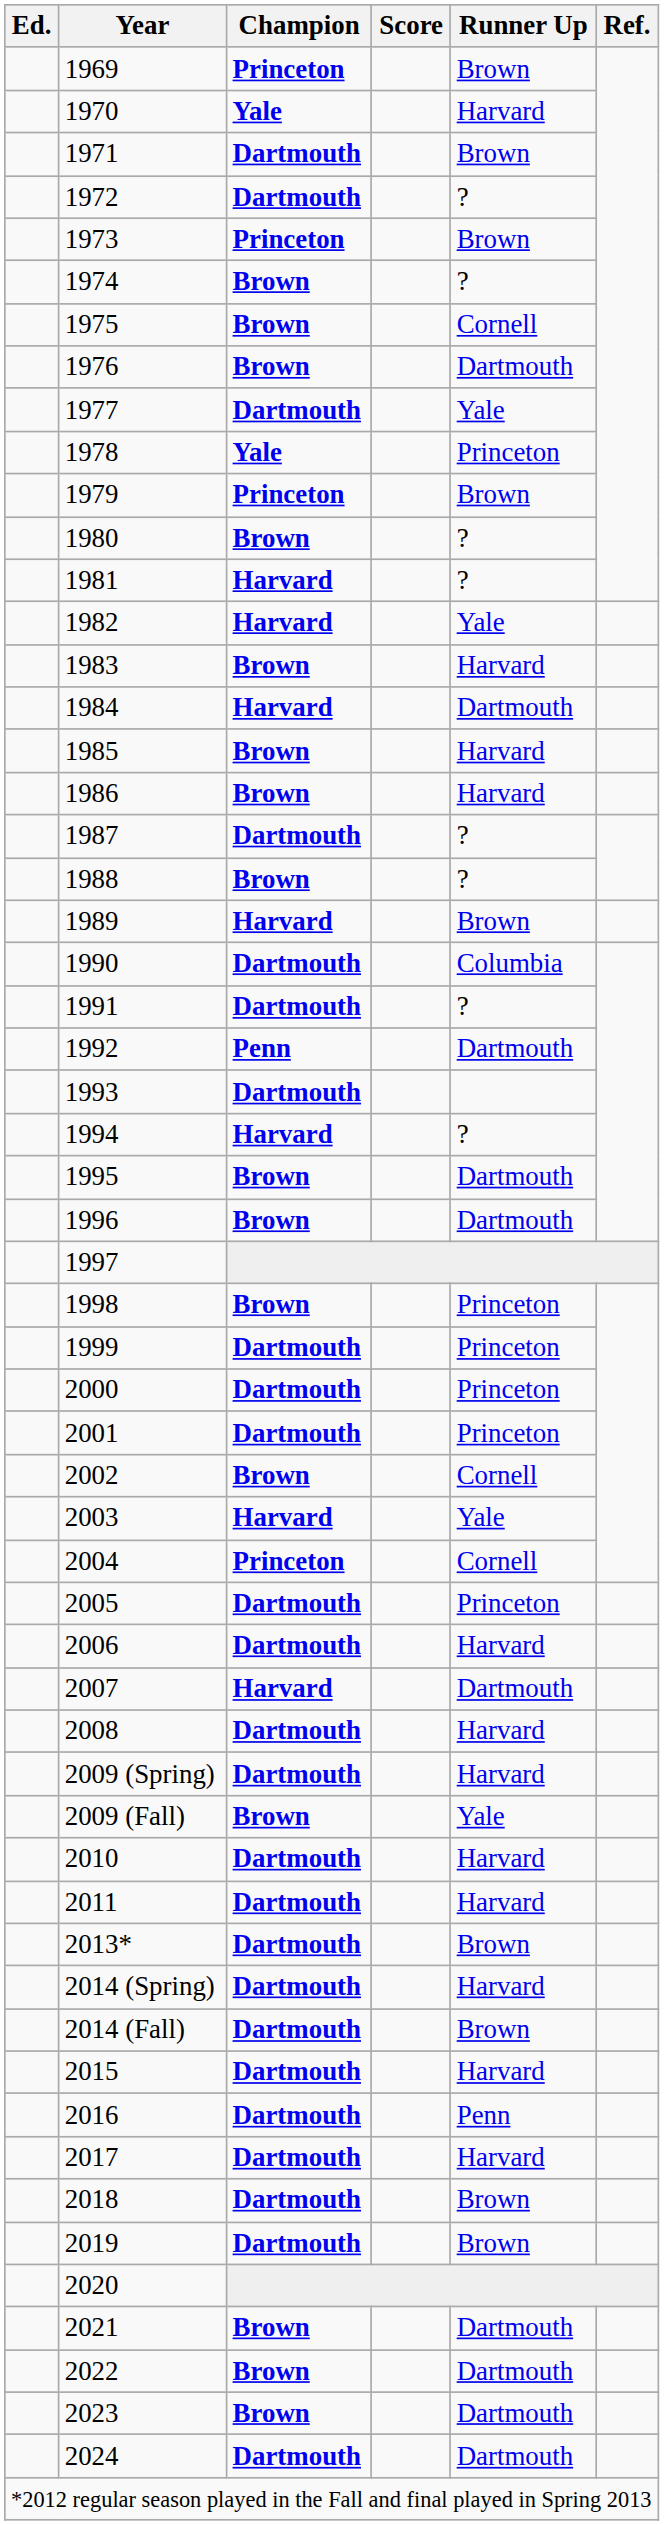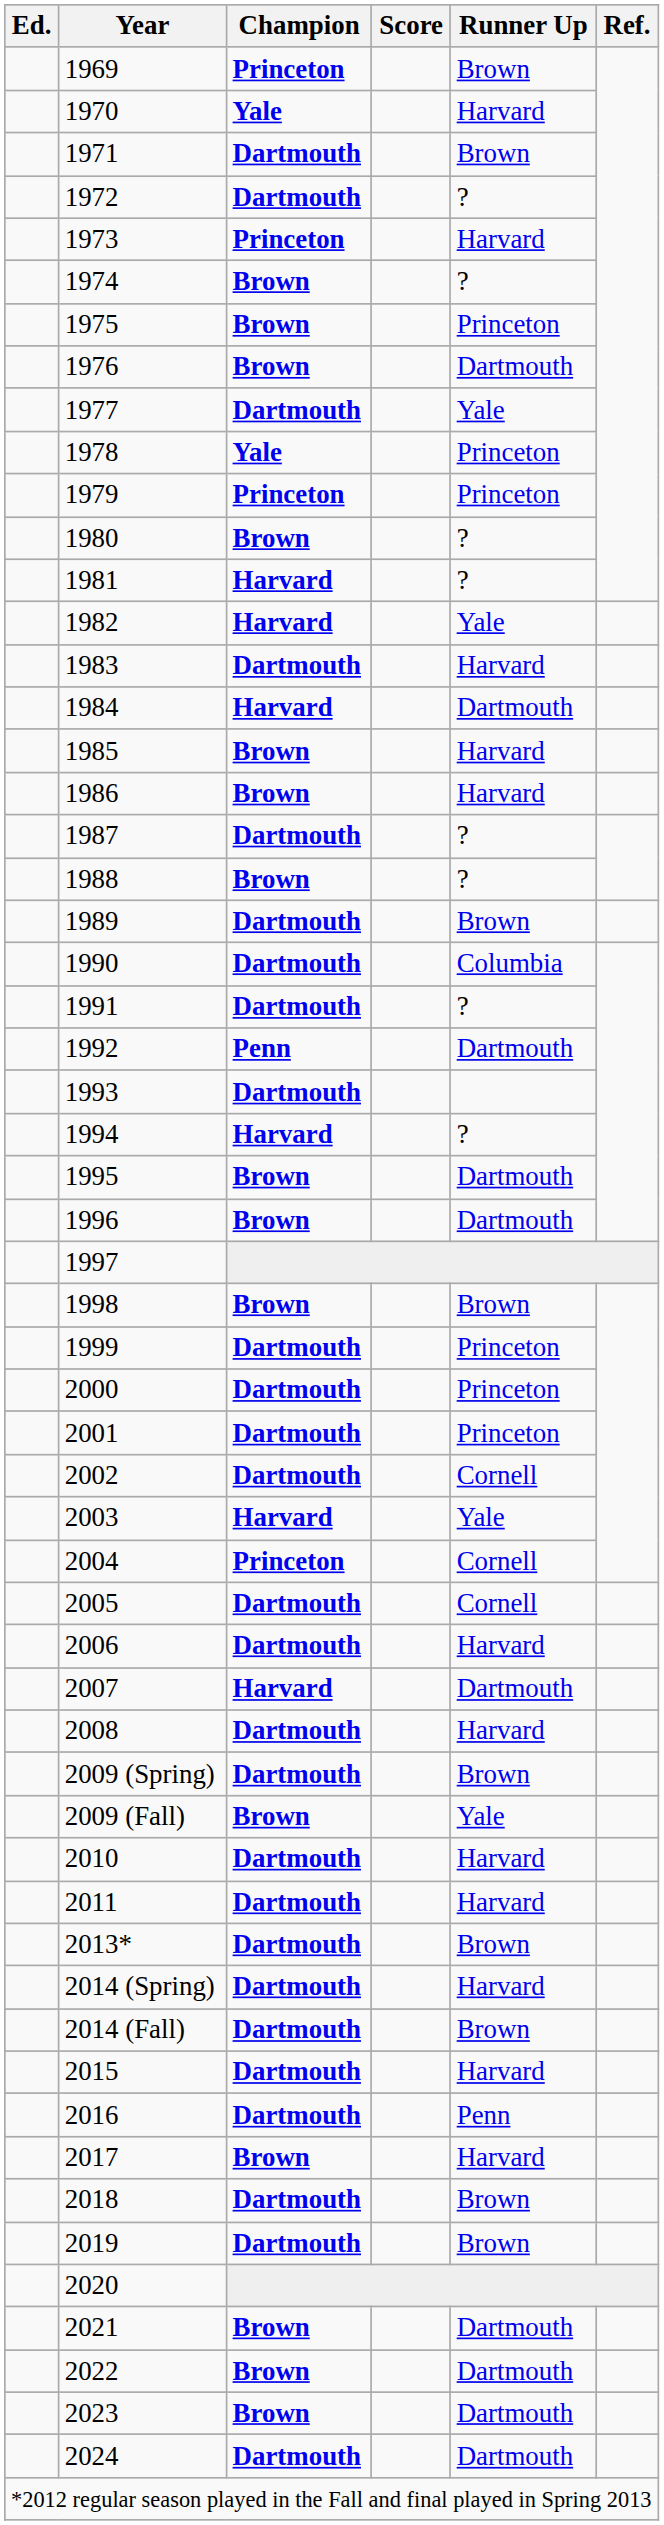 <table class= "wikitable sortable">
 <tr>
 <th>Ed.</th>
 <th>Year</th>
 <th>Champion</th>
 <th>Score</th>
 <th>Runner Up</th>
 <th>Ref.</th>
 </tr>
 <tr>
 <td></td>
 <td>1969</td>
 <td><strong><a href='#'>Princeton</a></strong> </td>
 <td></td>
 <td><a href='#'>Brown</a></td>
 </tr>
 <tr>
 <td></td>
 <td>1970</td>
 <td><strong><a href='#'>Yale</a></strong> </td>
 <td></td>
 <td><a href='#'>Harvard</a></td>
 </tr>
 <tr>
 <td></td>
 <td>1971</td>
 <td><strong><a href='#'>Dartmouth</a></strong> </td>
 <td></td>
 <td><a href='#'>Brown</a></td>
 </tr>
 <tr>
 <td></td>
 <td>1972</td>
 <td><strong><a href='#'>Dartmouth</a></strong> </td>
 <td></td>
 <td>?</td>
 </tr>
 <tr>
 <td></td>
 <td>1973</td>
 <td><strong><a href='#'>Princeton</a></strong> </td>
 <td></td>
-<td><a href='#'>Brown</a></td>
+<td><a href='#'>Harvard</a></td>
 </tr>
 <tr>
 <td></td>
 <td>1974</td>
 <td><strong><a href='#'>Brown</a></strong> </td>
 <td></td>
 <td>?</td>
 </tr>
 <tr>
 <td></td>
 <td>1975</td>
 <td><strong><a href='#'>Brown</a></strong> </td>
 <td></td>
-<td><a href='#'>Cornell</a></td>
+<td><a href='#'>Princeton</a></td>
 </tr>
 <tr>
 <td></td>
 <td>1976</td>
 <td><strong><a href='#'>Brown</a></strong> </td>
 <td></td>
 <td><a href='#'>Dartmouth</a></td>
 </tr>
 <tr>
 <td></td>
 <td>1977</td>
 <td><strong><a href='#'>Dartmouth</a></strong> </td>
 <td></td>
 <td><a href='#'>Yale</a></td>
 </tr>
 <tr>
 <td></td>
 <td>1978</td>
 <td><strong><a href='#'>Yale</a></strong> </td>
 <td></td>
 <td><a href='#'>Princeton</a></td>
 </tr>
 <tr>
 <td></td>
 <td>1979</td>
 <td><strong><a href='#'>Princeton</a></strong> </td>
 <td></td>
-<td><a href='#'>Brown</a></td>
+<td><a href='#'>Princeton</a></td>
 </tr>
 <tr>
 <td></td>
 <td>1980</td>
 <td><strong><a href='#'>Brown</a></strong> </td>
 <td></td>
 <td>?</td>
 </tr>
 <tr>
 <td></td>
 <td>1981</td>
 <td><strong><a href='#'>Harvard</a></strong> </td>
 <td></td>
 <td>?</td>
 </tr>
 <tr>
 <td></td>
 <td>1982</td>
 <td><strong><a href='#'>Harvard</a></strong> </td>
 <td></td>
 <td><a href='#'>Yale</a></td>
 <td></td>
 </tr>
 <tr>
 <td></td>
 <td>1983</td>
-<td><strong><a href='#'>Brown</a></strong> </td>
+<td><strong><a href='#'>Dartmouth</a></strong> </td>
 <td></td>
 <td><a href='#'>Harvard</a></td>
 <td></td>
 </tr>
 <tr>
 <td></td>
 <td>1984</td>
 <td><strong><a href='#'>Harvard</a></strong> </td>
 <td></td>
 <td><a href='#'>Dartmouth</a></td>
 <td></td>
 </tr>
 <tr>
 <td></td>
 <td>1985</td>
 <td><strong><a href='#'>Brown</a></strong> </td>
 <td></td>
 <td><a href='#'>Harvard</a></td>
 <td></td>
 </tr>
 <tr>
 <td></td>
 <td>1986</td>
 <td><strong><a href='#'>Brown</a></strong> </td>
 <td></td>
 <td><a href='#'>Harvard</a></td>
 <td></td>
 </tr>
 <tr>
 <td></td>
 <td>1987</td>
 <td><strong><a href='#'>Dartmouth</a></strong> </td>
 <td></td>
 <td>?</td>
 </tr>
 <tr>
 <td></td>
 <td>1988</td>
 <td><strong><a href='#'>Brown</a></strong> </td>
 <td></td>
 <td>?</td>
 </tr>
 <tr>
 <td></td>
 <td>1989</td>
-<td><strong><a href='#'>Harvard</a></strong> </td>
+<td><strong><a href='#'>Dartmouth</a></strong> </td>
 <td></td>
 <td><a href='#'>Brown</a></td>
 <td></td>
 </tr>
 <tr>
 <td></td>
 <td>1990</td>
 <td><strong><a href='#'>Dartmouth</a></strong> </td>
 <td></td>
 <td><a href='#'>Columbia</a></td>
 </tr>
 <tr>
 <td></td>
 <td>1991</td>
 <td><strong><a href='#'>Dartmouth</a></strong> </td>
 <td></td>
 <td>?</td>
 </tr>
 <tr>
 <td></td>
 <td>1992</td>
 <td><strong><a href='#'>Penn</a></strong> </td>
 <td></td>
 <td><a href='#'>Dartmouth</a></td>
 </tr>
 <tr>
 <td></td>
 <td>1993</td>
 <td><strong><a href='#'>Dartmouth</a></strong> </td>
 <td></td>
 <td></td>
 </tr>
 <tr>
 <td></td>
 <td>1994</td>
 <td><strong><a href='#'>Harvard</a></strong> </td>
 <td></td>
 <td>?</td>
 </tr>
 <tr>
 <td></td>
 <td>1995</td>
 <td><strong><a href='#'>Brown</a></strong> </td>
 <td></td>
 <td><a href='#'>Dartmouth</a></td>
 </tr>
 <tr>
 <td></td>
 <td>1996</td>
 <td><strong><a href='#'>Brown</a></strong> </td>
 <td></td>
 <td><a href='#'>Dartmouth</a></td>
 </tr>
 <tr>
 <td></td>
 <td>1997</td>
 <td colspan=4 style=background:#efefef></td>
 </tr>
 <tr>
 <td></td>
 <td>1998</td>
 <td><strong><a href='#'>Brown</a></strong> </td>
 <td></td>
-<td><a href='#'>Princeton</a></td>
+<td><a href='#'>Brown</a></td>
 </tr>
 <tr>
 <td></td>
 <td>1999</td>
 <td><strong><a href='#'>Dartmouth</a></strong> </td>
 <td></td>
 <td><a href='#'>Princeton</a></td>
 </tr>
 <tr>
 <td></td>
 <td>2000</td>
 <td><strong><a href='#'>Dartmouth</a></strong> </td>
 <td></td>
 <td><a href='#'>Princeton</a></td>
 </tr>
 <tr>
 <td></td>
 <td>2001</td>
 <td><strong><a href='#'>Dartmouth</a></strong> </td>
 <td></td>
 <td><a href='#'>Princeton</a></td>
 </tr>
 <tr>
 <td></td>
 <td>2002</td>
-<td><strong><a href='#'>Brown</a></strong> </td>
+<td><strong><a href='#'>Dartmouth</a></strong> </td>
 <td></td>
 <td><a href='#'>Cornell</a></td>
 </tr>
 <tr>
 <td></td>
 <td>2003</td>
 <td><strong><a href='#'>Harvard</a></strong> </td>
 <td></td>
 <td><a href='#'>Yale</a></td>
 </tr>
 <tr>
 <td></td>
 <td>2004</td>
 <td><strong><a href='#'>Princeton</a></strong> </td>
 <td></td>
 <td><a href='#'>Cornell</a></td>
 </tr>
 <tr>
 <td></td>
 <td>2005</td>
 <td><strong><a href='#'>Dartmouth</a></strong> </td>
 <td></td>
-<td><a href='#'>Princeton</a></td>
+<td><a href='#'>Cornell</a></td>
 <td></td>
 </tr>
 <tr>
 <td></td>
 <td>2006</td>
 <td><strong><a href='#'>Dartmouth</a></strong> </td>
 <td></td>
 <td><a href='#'>Harvard</a></td>
 <td></td>
 </tr>
 <tr>
 <td></td>
 <td>2007</td>
 <td><strong><a href='#'>Harvard</a></strong> </td>
 <td></td>
 <td><a href='#'>Dartmouth</a></td>
 </tr>
 <tr>
 <td></td>
 <td>2008</td>
 <td><strong><a href='#'>Dartmouth</a></strong> </td>
 <td></td>
 <td><a href='#'>Harvard</a></td>
 <td></td>
 </tr>
 <tr>
 <td></td>
 <td>2009 (Spring)</td>
 <td><strong><a href='#'>Dartmouth</a></strong> </td>
 <td></td>
-<td><a href='#'>Harvard</a></td>
+<td><a href='#'>Brown</a></td>
 <td></td>
 </tr>
 <tr>
 <td></td>
 <td>2009 (Fall)</td>
 <td><strong><a href='#'>Brown</a></strong> </td>
 <td></td>
 <td><a href='#'>Yale</a></td>
 <td></td>
 </tr>
 <tr>
 <td></td>
 <td>2010</td>
 <td><strong><a href='#'>Dartmouth</a></strong> </td>
 <td></td>
 <td><a href='#'>Harvard</a></td>
 <td></td>
 </tr>
 <tr>
 <td></td>
 <td>2011</td>
 <td><strong><a href='#'>Dartmouth</a></strong> </td>
 <td></td>
 <td><a href='#'>Harvard</a></td>
 <td></td>
 </tr>
 <tr>
 <td></td>
 <td>2013*</td>
 <td><strong><a href='#'>Dartmouth</a></strong> </td>
 <td></td>
 <td><a href='#'>Brown</a></td>
 <td></td>
 </tr>
 <tr>
 <td></td>
 <td>2014 (Spring)</td>
 <td><strong><a href='#'>Dartmouth</a></strong> </td>
 <td></td>
 <td><a href='#'>Harvard</a></td>
 <td></td>
 </tr>
 <tr>
 <td></td>
 <td>2014 (Fall)</td>
 <td><strong><a href='#'>Dartmouth</a></strong> </td>
 <td></td>
 <td><a href='#'>Brown</a></td>
 <td></td>
 </tr>
 <tr>
 <td></td>
 <td>2015</td>
 <td><strong><a href='#'>Dartmouth</a></strong> </td>
 <td></td>
 <td><a href='#'>Harvard</a></td>
 <td></td>
 </tr>
 <tr>
 <td></td>
 <td>2016</td>
 <td><strong><a href='#'>Dartmouth</a></strong> </td>
 <td></td>
 <td><a href='#'>Penn</a></td>
 <td></td>
 </tr>
 <tr>
 <td></td>
 <td>2017</td>
-<td><strong><a href='#'>Dartmouth</a></strong> </td>
+<td><strong><a href='#'>Brown</a></strong> </td>
 <td></td>
 <td><a href='#'>Harvard</a></td>
 <td></td>
 </tr>
 <tr>
 <td></td>
 <td>2018</td>
 <td><strong><a href='#'>Dartmouth</a></strong> </td>
 <td></td>
 <td><a href='#'>Brown</a></td>
 <td></td>
 </tr>
 <tr>
 <td></td>
 <td>2019</td>
 <td><strong><a href='#'>Dartmouth</a></strong> </td>
 <td></td>
 <td><a href='#'>Brown</a></td>
 <td></td>
 </tr>
 <tr>
 <td></td>
 <td>2020</td>
 <td colspan=4 style=background:#efefef></td>
 </tr>
 <tr>
 <td></td>
 <td>2021</td>
 <td><strong><a href='#'>Brown</a></strong> </td>
 <td></td>
 <td><a href='#'>Dartmouth</a></td>
 <td></td>
 </tr>
 <tr>
 <td></td>
 <td>2022</td>
 <td><strong><a href='#'>Brown</a></strong> </td>
 <td></td>
 <td><a href='#'>Dartmouth</a></td>
 <td></td>
 </tr>
 <tr>
 <td></td>
 <td>2023</td>
 <td><strong><a href='#'>Brown</a></strong> </td>
 <td></td>
 <td><a href='#'>Dartmouth</a></td>
 <td></td>
 </tr>
 <tr>
 <td></td>
 <td>2024</td>
 <td><strong><a href='#'>Dartmouth</a></strong> </td>
 <td></td>
 <td><a href='#'>Dartmouth</a></td>
 <td></td>
 </tr>
 <tr>
 <td colspan=6><small>*2012 regular season played in the Fall and final played in Spring 2013</small></td>
 </tr>
 </table>
